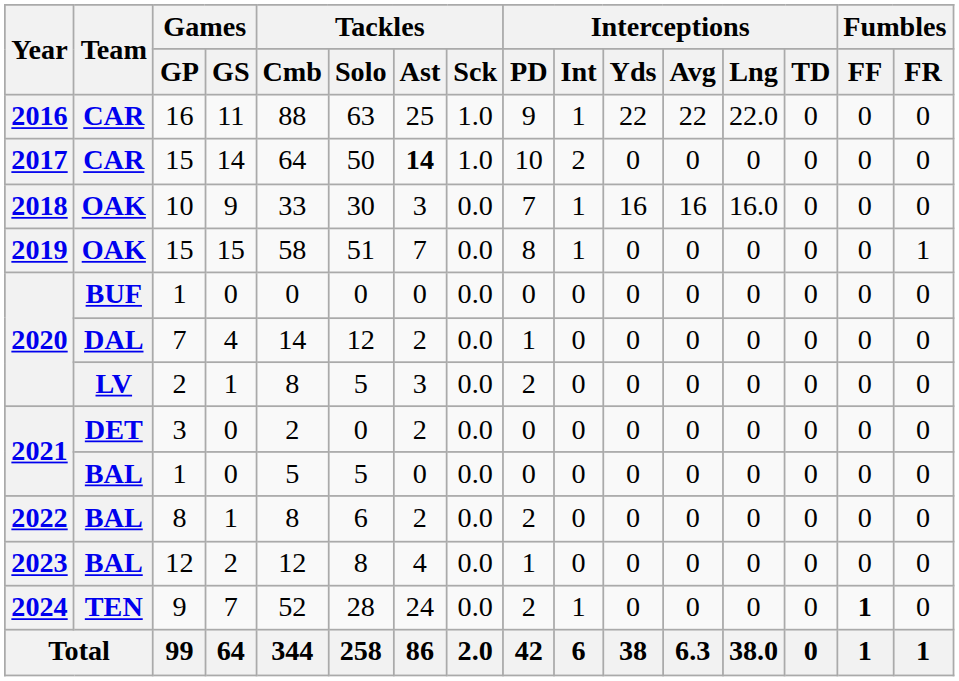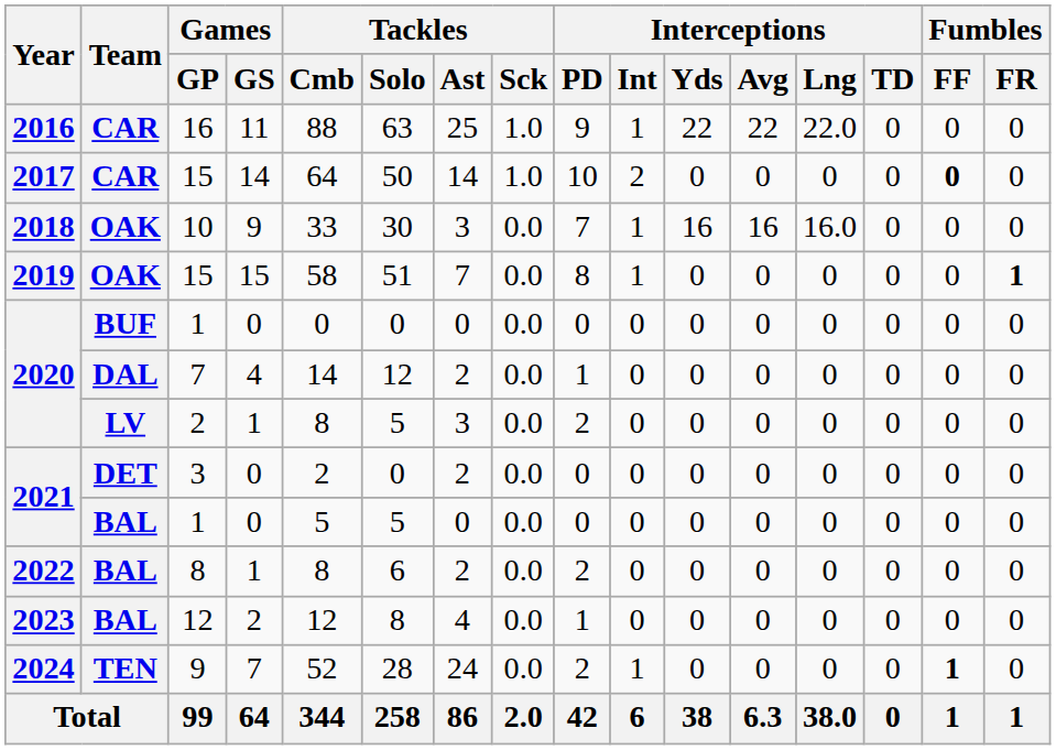 <table class="wikitable" style="text-align: center;">
 <tr>
 <th rowspan="2">Year</th>
 <th rowspan="2">Team</th>
 <th colspan="2">Games</th>
 <th colspan="4">Tackles</th>
 <th colspan="6">Interceptions</th>
 <th colspan="2">Fumbles</th>
 </tr>
 <tr>
 <th>GP</th>
 <th>GS</th>
 <th>Cmb</th>
 <th>Solo</th>
 <th>Ast</th>
 <th>Sck</th>
 <th>PD</th>
 <th>Int</th>
 <th>Yds</th>
 <th>Avg</th>
 <th>Lng</th>
 <th>TD</th>
 <th>FF</th>
 <th>FR</th>
 </tr>
 <tr>
 <th><a href='#'>2016</a></th>
 <th><a href='#'>CAR</a></th>
 <td>16</td>
 <td>11</td>
 <td>88</td>
 <td>63</td>
 <td>25</td>
 <td>1.0</td>
 <td>9</td>
 <td>1</td>
 <td>22</td>
 <td>22</td>
 <td>22.0</td>
 <td>0</td>
 <td>0</td>
 <td>0</td>
 </tr>
 <tr>
 <th><a href='#'>2017</a></th>
 <th><a href='#'>CAR</a></th>
 <td>15</td>
 <td>14</td>
 <td>64</td>
 <td>50</td>
-<td><strong>14</strong></td>
+<td>14</td>
 <td>1.0</td>
 <td>10</td>
 <td>2</td>
 <td>0</td>
 <td>0</td>
 <td>0</td>
 <td>0</td>
-<td>0</td>
+<td><strong>0</strong></td>
 <td>0</td>
 </tr>
 <tr>
 <th><a href='#'>2018</a></th>
 <th><a href='#'>OAK</a></th>
 <td>10</td>
 <td>9</td>
 <td>33</td>
 <td>30</td>
 <td>3</td>
 <td>0.0</td>
 <td>7</td>
 <td>1</td>
 <td>16</td>
 <td>16</td>
 <td>16.0</td>
 <td>0</td>
 <td>0</td>
 <td>0</td>
 </tr>
 <tr>
 <th><a href='#'>2019</a></th>
 <th><a href='#'>OAK</a></th>
 <td>15</td>
 <td>15</td>
 <td>58</td>
 <td>51</td>
 <td>7</td>
 <td>0.0</td>
 <td>8</td>
 <td>1</td>
 <td>0</td>
 <td>0</td>
 <td>0</td>
 <td>0</td>
 <td>0</td>
-<td>1</td>
+<td><strong>1</strong></td>
 </tr>
 <tr>
 <th rowspan="3"><a href='#'>2020</a></th>
 <th><a href='#'>BUF</a></th>
 <td>1</td>
 <td>0</td>
 <td>0</td>
 <td>0</td>
 <td>0</td>
 <td>0.0</td>
 <td>0</td>
 <td>0</td>
 <td>0</td>
 <td>0</td>
 <td>0</td>
 <td>0</td>
 <td>0</td>
 <td>0</td>
 </tr>
 <tr>
 <th><a href='#'>DAL</a></th>
 <td>7</td>
 <td>4</td>
 <td>14</td>
 <td>12</td>
 <td>2</td>
 <td>0.0</td>
 <td>1</td>
 <td>0</td>
 <td>0</td>
 <td>0</td>
 <td>0</td>
 <td>0</td>
 <td>0</td>
 <td>0</td>
 </tr>
 <tr>
 <th><a href='#'>LV</a></th>
 <td>2</td>
 <td>1</td>
 <td>8</td>
 <td>5</td>
 <td>3</td>
 <td>0.0</td>
 <td>2</td>
 <td>0</td>
 <td>0</td>
 <td>0</td>
 <td>0</td>
 <td>0</td>
 <td>0</td>
 <td>0</td>
 </tr>
 <tr>
 <th rowspan="2"><a href='#'>2021</a></th>
 <th><a href='#'>DET</a></th>
 <td>3</td>
 <td>0</td>
 <td>2</td>
 <td>0</td>
 <td>2</td>
 <td>0.0</td>
 <td>0</td>
 <td>0</td>
 <td>0</td>
 <td>0</td>
 <td>0</td>
 <td>0</td>
 <td>0</td>
 <td>0</td>
 </tr>
 <tr>
 <th><a href='#'>BAL</a></th>
 <td>1</td>
 <td>0</td>
 <td>5</td>
 <td>5</td>
 <td>0</td>
 <td>0.0</td>
 <td>0</td>
 <td>0</td>
 <td>0</td>
 <td>0</td>
 <td>0</td>
 <td>0</td>
 <td>0</td>
 <td>0</td>
 </tr>
 <tr>
 <th><a href='#'>2022</a></th>
 <th><a href='#'>BAL</a></th>
 <td>8</td>
 <td>1</td>
 <td>8</td>
 <td>6</td>
 <td>2</td>
 <td>0.0</td>
 <td>2</td>
 <td>0</td>
 <td>0</td>
 <td>0</td>
 <td>0</td>
 <td>0</td>
 <td>0</td>
 <td>0</td>
 </tr>
 <tr>
 <th><a href='#'>2023</a></th>
 <th><a href='#'>BAL</a></th>
 <td>12</td>
 <td>2</td>
 <td>12</td>
 <td>8</td>
 <td>4</td>
 <td>0.0</td>
 <td>1</td>
 <td>0</td>
 <td>0</td>
 <td>0</td>
 <td>0</td>
 <td>0</td>
 <td>0</td>
 <td>0</td>
 </tr>
 <tr>
 <th><a href='#'>2024</a></th>
 <th><a href='#'>TEN</a></th>
 <td>9</td>
 <td>7</td>
 <td>52</td>
 <td>28</td>
 <td>24</td>
 <td>0.0</td>
 <td>2</td>
 <td>1</td>
 <td>0</td>
 <td>0</td>
 <td>0</td>
 <td>0</td>
 <td><strong>1</strong></td>
 <td>0</td>
 </tr>
 <tr>
 <th colspan="2">Total</th>
 <th>99</th>
 <th>64</th>
 <th>344</th>
 <th>258</th>
 <th>86</th>
 <th>2.0</th>
 <th>42</th>
 <th>6</th>
 <th>38</th>
 <th>6.3</th>
 <th>38.0</th>
 <th>0</th>
 <th>1</th>
 <th>1</th>
 </tr>
 </table>
